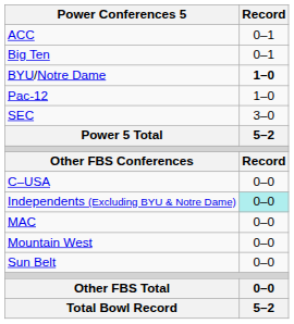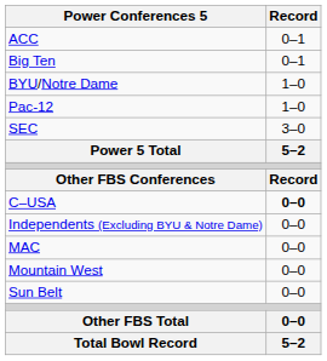 <table class="wikitable">
 <tr>
 <th>Power Conferences 5</th>
 <th>Record</th>
 </tr>
 <tr>
 <td><a href='#'>ACC</a></td>
 <td align=center>0–1</td>
 </tr>
 <tr>
 <td><a href='#'>Big Ten</a></td>
 <td align=center>0–1</td>
 </tr>
 <tr>
 <td><a href='#'>BYU</a>/<a href='#'>Notre Dame</a></td>
-<td align=center><strong>1–0</strong></td>
+<td align=center>1–0</td>
 </tr>
 <tr>
 <td><a href='#'>Pac-12</a></td>
 <td align=center>1–0</td>
 </tr>
 <tr>
 <td><a href='#'>SEC</a></td>
 <td align=center>3–0</td>
 </tr>
 <tr>
 <th>Power 5 Total</th>
 <th>5–2</th>
 </tr>
 <tr>
 <th colspan="2" style="background:lightgrey;"></th>
 </tr>
 <tr>
 <th>Other FBS Conferences</th>
 <th>Record</th>
 </tr>
 <tr>
 <td><a href='#'>C–USA</a></td>
-<td align=center>0–0</td>
+<td align=center><strong>0–0</strong></td>
 </tr>
 <tr>
 <td><a href='#'>Independents <small>(Excluding BYU & Notre Dame)</small></a></td>
-<td align=center style="background: paleturquoise;">0–0</td>
+<td align=center>0–0</td>
 </tr>
 <tr>
 <td><a href='#'>MAC</a></td>
 <td align=center>0–0</td>
 </tr>
 <tr>
 <td><a href='#'>Mountain West</a></td>
 <td align=center>0–0</td>
 </tr>
 <tr>
 <td><a href='#'>Sun Belt</a></td>
 <td align=center>0–0</td>
 </tr>
 <tr>
 <th colspan="2" style="background:lightgrey;"></th>
 </tr>
 <tr>
 <th>Other FBS Total</th>
 <th>0–0</th>
 </tr>
 <tr>
 <th>Total Bowl Record</th>
 <th>5–2</th>
 </tr>
 </table>
